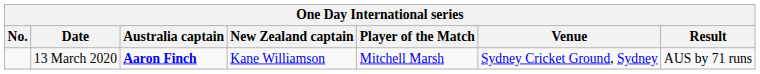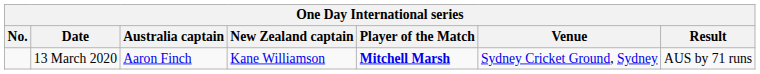 <table class="wikitable">
 <tr>
 <th colspan="7">One Day International series</th>
 </tr>
 <tr>
 <th>No.</th>
 <th>Date</th>
 <th>Australia captain</th>
 <th>New Zealand captain</th>
 <th>Player of the Match</th>
 <th>Venue</th>
 <th>Result</th>
 </tr>
 <tr>
 <td></td>
 <td>13 March 2020</td>
-<td><strong><a href='#'>Aaron Finch</a></strong></td>
+<td><a href='#'>Aaron Finch</a></td>
 <td><a href='#'>Kane Williamson</a></td>
-<td><a href='#'>Mitchell Marsh</a></td>
+<td><strong><a href='#'>Mitchell Marsh</a></strong></td>
 <td><a href='#'>Sydney Cricket Ground</a>, <a href='#'>Sydney</a></td>
 <td>AUS by 71 runs</td>
 </tr>
 </table>
